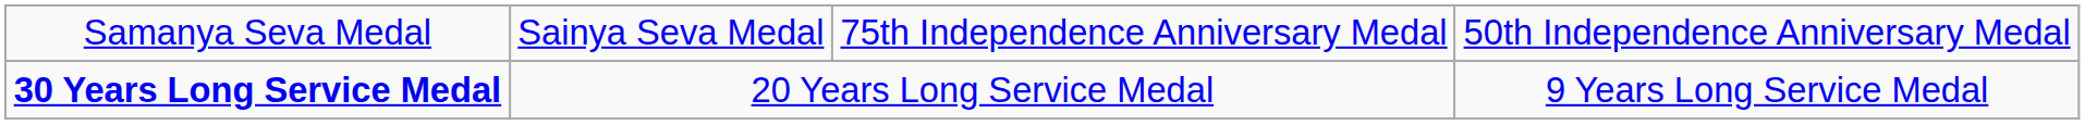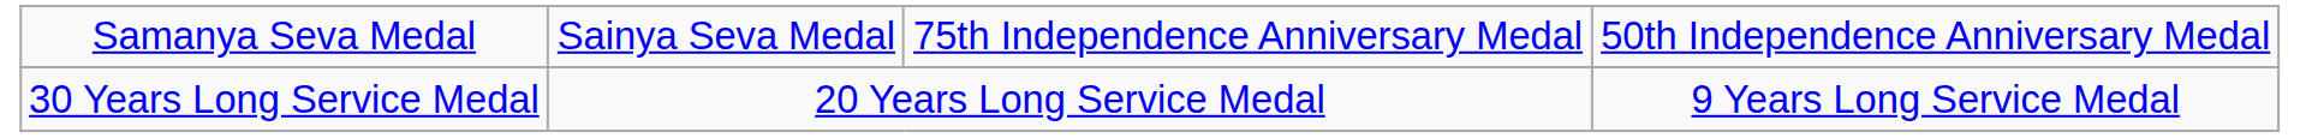 <table class="wikitable" style="margin:1em auto; text-align:center;">
 <tr>
 <td><a href='#'>Samanya Seva Medal</a></td>
 <td><a href='#'>Sainya Seva Medal</a></td>
 <td><a href='#'>75th Independence Anniversary Medal</a></td>
 <td><a href='#'>50th Independence Anniversary Medal</a></td>
 </tr>
 <tr>
-<td><strong><a href='#'>30 Years Long Service Medal</a></strong></td>
+<td><a href='#'>30 Years Long Service Medal</a></td>
 <td colspan=2><a href='#'>20 Years Long Service Medal</a></td>
 <td><a href='#'>9 Years Long Service Medal</a></td>
 </tr>
 </table>
